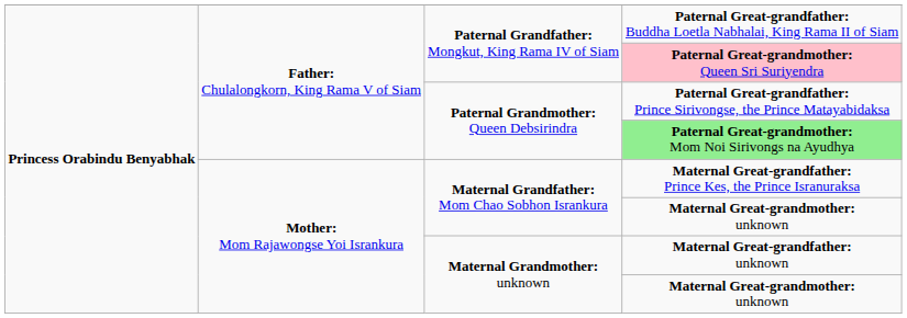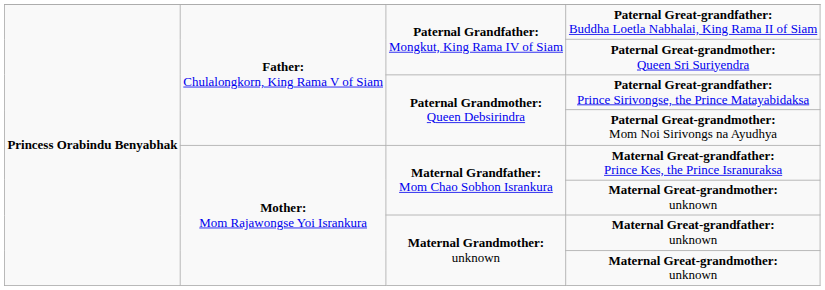 <table class="wikitable">
 <tr>
 </tr>
 <tr>
 <td rowspan="8" align="center"><strong>Princess Orabindu Benyabhak</strong></td>
 <td rowspan="4" align="center"><strong>Father:</strong><br><a href='#'>Chulalongkorn, King Rama V of Siam</a></td>
 <td rowspan="2" align="center"><strong>Paternal Grandfather:</strong><br><a href='#'>Mongkut, King Rama IV of Siam</a></td>
 <td align = "center"><strong>Paternal Great-grandfather:</strong><br><a href='#'>Buddha Loetla Nabhalai, King Rama II of Siam</a></td>
 </tr>
 <tr>
-<td align = "center" style="background: pink;"><strong>Paternal Great-grandmother:</strong><br><a href='#'>Queen Sri Suriyendra</a></td>
+<td align = "center"><strong>Paternal Great-grandmother:</strong><br><a href='#'>Queen Sri Suriyendra</a></td>
 </tr>
 <tr>
 <td rowspan="2" align="center"><strong>Paternal Grandmother:</strong><br><a href='#'>Queen Debsirindra</a></td>
 <td align = "center"><strong>Paternal Great-grandfather:</strong><br><a href='#'>Prince Sirivongse, the Prince Matayabidaksa</a></td>
 </tr>
 <tr>
-<td align = "center" style="background: lightgreen;"><strong>Paternal Great-grandmother:</strong><br>Mom Noi Sirivongs na Ayudhya</td>
+<td align = "center"><strong>Paternal Great-grandmother:</strong><br>Mom Noi Sirivongs na Ayudhya</td>
 </tr>
 <tr>
 <td rowspan="4" align="center"><strong>Mother:</strong><br><a href='#'>Mom Rajawongse Yoi Isrankura</a></td>
 <td rowspan="2" align="center"><strong>Maternal Grandfather:</strong><br><a href='#'>Mom Chao Sobhon Isrankura</a></td>
 <td align = "center"><strong>Maternal Great-grandfather:</strong><br><a href='#'>Prince Kes, the Prince Isranuraksa</a></td>
 </tr>
 <tr>
 <td align = "center"><strong>Maternal Great-grandmother:</strong><br>unknown</td>
 </tr>
 <tr>
 <td rowspan="2" align="center"><strong>Maternal Grandmother:</strong><br>unknown</td>
 <td align = "center"><strong>Maternal Great-grandfather:</strong><br>unknown</td>
 </tr>
 <tr>
 <td align = "center"><strong>Maternal Great-grandmother:</strong><br>unknown</td>
 </tr>
 </table>
